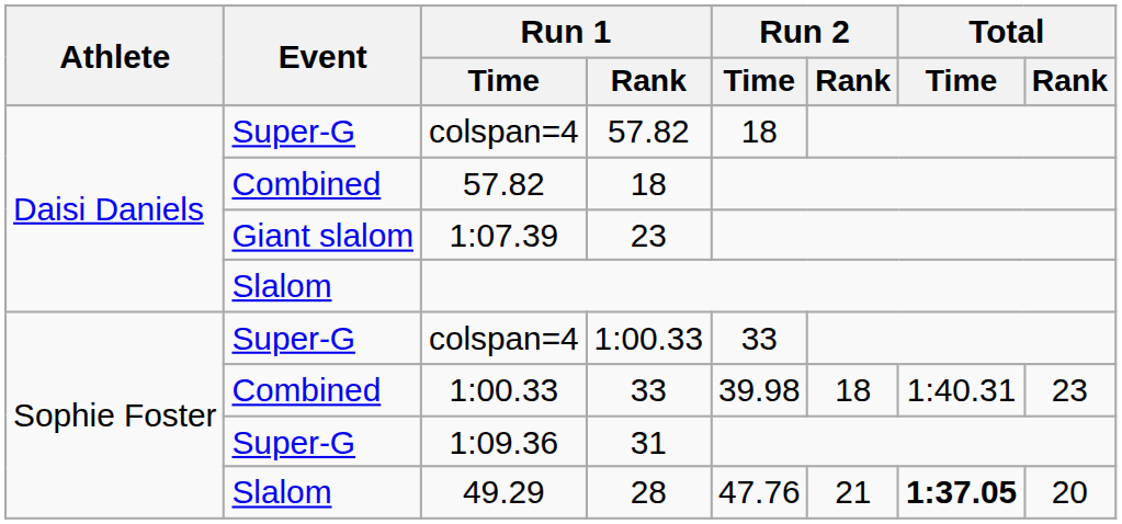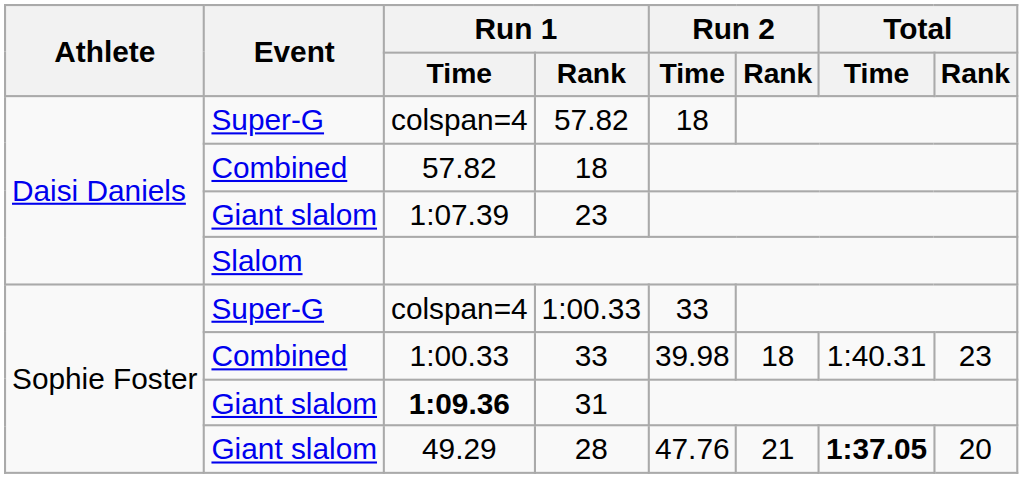 <table class="wikitable" style="font-size:90%">
 <tr>
 <th rowspan=2>Athlete</th>
 <th rowspan=2>Event</th>
 <th colspan=2>Run 1</th>
 <th colspan=2>Run 2</th>
 <th colspan=2>Total</th>
 </tr>
 <tr style="font-size:95%">
 <th>Time</th>
 <th>Rank</th>
 <th>Time</th>
 <th>Rank</th>
 <th>Time</th>
 <th>Rank</th>
 </tr>
 <tr align=center>
 <td align="left" rowspan="4"><a href='#'>Daisi Daniels</a></td>
 <td align="left"><a href='#'>Super-G</a></td>
 <td>colspan=4</td>
 <td>57.82</td>
 <td>18</td>
 </tr>
 <tr align=center>
 <td align="left"><a href='#'>Combined</a></td>
 <td>57.82</td>
 <td>18</td>
 <td colspan=4></td>
 </tr>
 <tr align=center>
 <td align="left"><a href='#'>Giant slalom</a></td>
 <td>1:07.39</td>
 <td>23</td>
 <td colspan=4></td>
 </tr>
 <tr align=center>
 <td align="left"><a href='#'>Slalom</a></td>
 <td colspan=6></td>
 </tr>
 <tr align=center>
 <td align="left" rowspan="4">Sophie Foster</td>
 <td align="left"><a href='#'>Super-G</a></td>
 <td>colspan=4</td>
 <td>1:00.33</td>
 <td>33</td>
 </tr>
 <tr align=center>
 <td align="left"><a href='#'>Combined</a></td>
 <td>1:00.33</td>
 <td>33</td>
 <td>39.98</td>
 <td>18</td>
 <td>1:40.31</td>
 <td>23</td>
 </tr>
 <tr align=center>
-<td align="left"><a href='#'>Super-G</a></td>
-<td>1:09.36</td>
+<td align="left"><a href='#'>Giant slalom</a></td>
+<td><strong>1:09.36</strong></td>
 <td>31</td>
 <td colspan=4></td>
 </tr>
 <tr align=center>
-<td align="left"><a href='#'>Slalom</a></td>
+<td align="left"><a href='#'>Giant slalom</a></td>
 <td>49.29</td>
 <td>28</td>
 <td>47.76</td>
 <td>21</td>
 <td><strong>1:37.05</strong></td>
 <td>20</td>
 </tr>
 </table>
